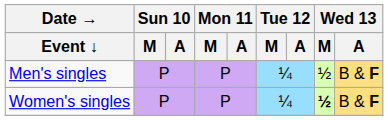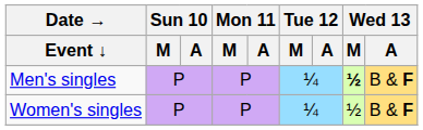 <table class="wikitable" style="margin:0.5em auto; font-size:90%; line-height:1.25em;">
 <tr style="text-align:center;">
 <th>Date →</th>
 <th colspan="2">Sun 10</th>
 <th colspan="2">Mon 11</th>
 <th colspan="2">Tue 12</th>
 <th colspan="2">Wed 13</th>
 </tr>
 <tr>
 <th>Event   ↓</th>
 <th>M</th>
 <th>A</th>
 <th>M</th>
 <th>A</th>
 <th>M</th>
 <th>A</th>
 <th>M</th>
 <th>A</th>
 </tr>
 <tr style="text-align:center;">
 <td style="text-align:left;"><a href='#'>Men's singles</a></td>
 <td colspan="2" style="background-color:#D0A9F5">P</td>
 <td colspan="2" style="background-color:#D0A9F5">P</td>
 <td colspan="2" style="background-color:#97DEFF">¼</td>
-<td style="background-color:#D9FFB2;">½</td>
+<td style="background-color:#D9FFB2;"><strong>½</strong></td>
 <td style="background-color:#FFDF80;">B & <strong>F</strong></td>
 </tr>
 <tr style="text-align:center;">
 <td style="text-align:left;"><a href='#'>Women's singles</a></td>
 <td colspan="2" style="background-color:#D0A9F5">P</td>
 <td colspan="2" style="background-color:#D0A9F5">P</td>
 <td colspan="2" style="background-color:#97DEFF">¼</td>
-<td style="background-color:#D9FFB2;"><strong>½</strong></td>
+<td style="background-color:#D9FFB2;">½</td>
 <td style="background-color:#FFDF80;">B & <strong>F</strong></td>
 </tr>
 <tr>
 </tr>
 </table>
